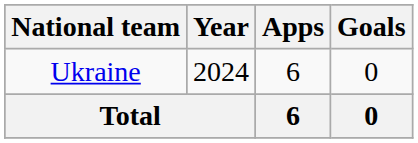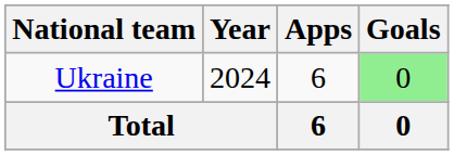 <table class="wikitable" style="text-align:center">
 <tr>
 <th>National team</th>
 <th>Year</th>
 <th>Apps</th>
 <th>Goals</th>
 </tr>
 <tr>
 <td rowspan="1"><a href='#'>Ukraine</a></td>
 <td>2024</td>
 <td>6</td>
-<td>0</td>
+<td style="background: lightgreen;">0</td>
 </tr>
 <tr>
 <th colspan="2">Total</th>
 <th>6</th>
 <th>0</th>
 </tr>
 </table>
